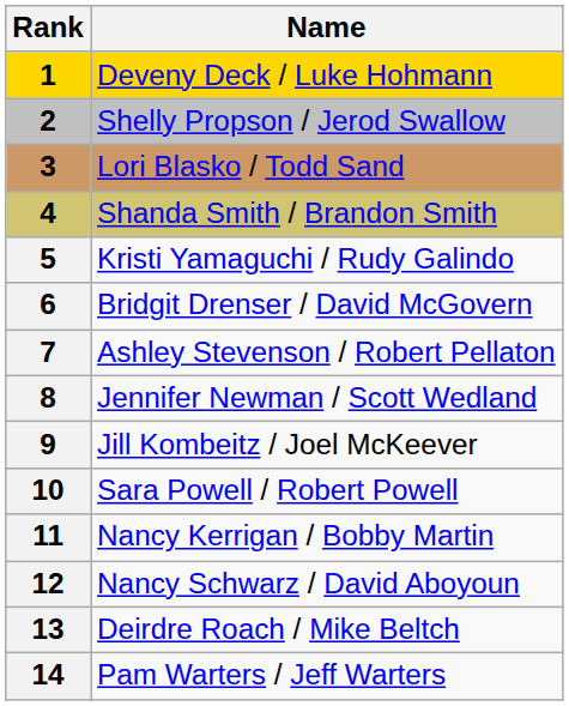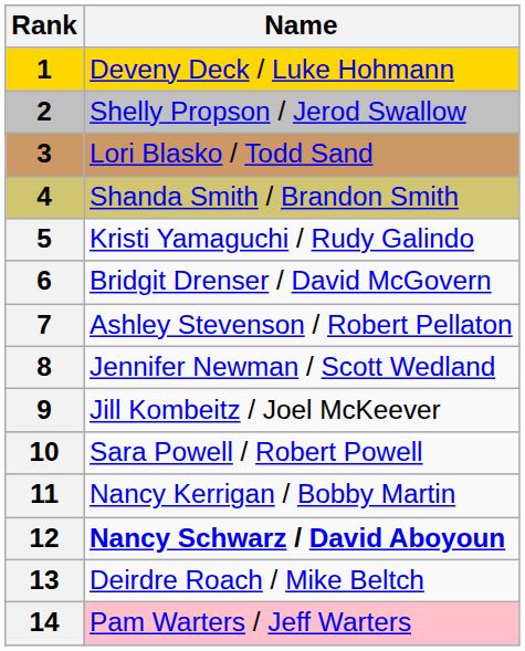 <table class="wikitable">
 <tr>
 <th>Rank</th>
 <th>Name</th>
 </tr>
 <tr bgcolor="gold">
 <td align="center"><strong>1</strong></td>
 <td><a href='#'>Deveny Deck</a> / <a href='#'>Luke Hohmann</a></td>
 </tr>
 <tr bgcolor="silver">
 <td align="center"><strong>2</strong></td>
 <td><a href='#'>Shelly Propson</a> / <a href='#'>Jerod Swallow</a></td>
 </tr>
 <tr bgcolor="cc9966">
 <td align="center"><strong>3</strong></td>
 <td><a href='#'>Lori Blasko</a> / <a href='#'>Todd Sand</a></td>
 </tr>
 <tr bgcolor="#d1c571">
 <td align="center"><strong>4</strong></td>
 <td><a href='#'>Shanda Smith</a> / <a href='#'>Brandon Smith</a></td>
 </tr>
 <tr>
 <th>5</th>
 <td><a href='#'>Kristi Yamaguchi</a> / <a href='#'>Rudy Galindo</a></td>
 </tr>
 <tr>
 <th>6</th>
 <td><a href='#'>Bridgit Drenser</a> / <a href='#'>David McGovern</a></td>
 </tr>
 <tr>
 <th>7</th>
 <td><a href='#'>Ashley Stevenson</a> / <a href='#'>Robert Pellaton</a></td>
 </tr>
 <tr>
 <th>8</th>
 <td><a href='#'>Jennifer Newman</a> / <a href='#'>Scott Wedland</a></td>
 </tr>
 <tr>
 <th>9</th>
 <td><a href='#'>Jill Kombeitz</a> / Joel McKeever</td>
 </tr>
 <tr>
 <th>10</th>
 <td><a href='#'>Sara Powell</a> / <a href='#'>Robert Powell</a></td>
 </tr>
 <tr>
 <th>11</th>
 <td><a href='#'>Nancy Kerrigan</a> / <a href='#'>Bobby Martin</a></td>
 </tr>
 <tr>
 <th>12</th>
-<td><a href='#'>Nancy Schwarz</a> / <a href='#'>David Aboyoun</a></td>
+<td><strong><a href='#'>Nancy Schwarz</a> / <a href='#'>David Aboyoun</a></strong></td>
 </tr>
 <tr>
 <th>13</th>
 <td><a href='#'>Deirdre Roach</a> / <a href='#'>Mike Beltch</a></td>
 </tr>
 <tr>
 <th>14</th>
-<td><a href='#'>Pam Warters</a> / <a href='#'>Jeff Warters</a></td>
+<td style="background: pink;"><a href='#'>Pam Warters</a> / <a href='#'>Jeff Warters</a></td>
 </tr>
 </table>
